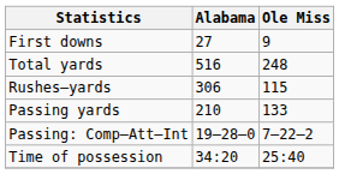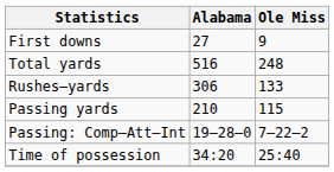 <table class="wikitable" style="float: left;">
 <tr>
 <th>Statistics</th>
 <th>Alabama</th>
 <th>Ole Miss</th>
 </tr>
 <tr>
 <td>First downs</td>
 <td>27</td>
 <td>9</td>
 </tr>
 <tr>
 <td>Total yards</td>
 <td>516</td>
 <td>248</td>
 </tr>
 <tr>
 <td>Rushes–yards</td>
 <td>306</td>
-<td>115</td>
+<td>133</td>
 </tr>
 <tr>
 <td>Passing yards</td>
 <td>210</td>
-<td>133</td>
+<td>115</td>
 </tr>
 <tr>
 <td>Passing: Comp–Att–Int</td>
 <td>19–28–0</td>
 <td>7–22–2</td>
 </tr>
 <tr>
 <td>Time of possession</td>
 <td>34:20</td>
 <td>25:40</td>
 </tr>
 <tr>
 </tr>
 </table>
